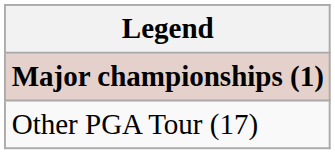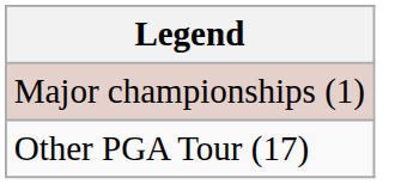 <table class="wikitable" style="font-size:95%;">
 <tr>
 <th>Legend</th>
 </tr>
 <tr style="background:#e5d1cb;">
-<td><strong>Major championships (1)</strong></td>
+<td>Major championships (1)</td>
 </tr>
 <tr>
 <td>Other PGA Tour (17)</td>
 </tr>
 </table>
